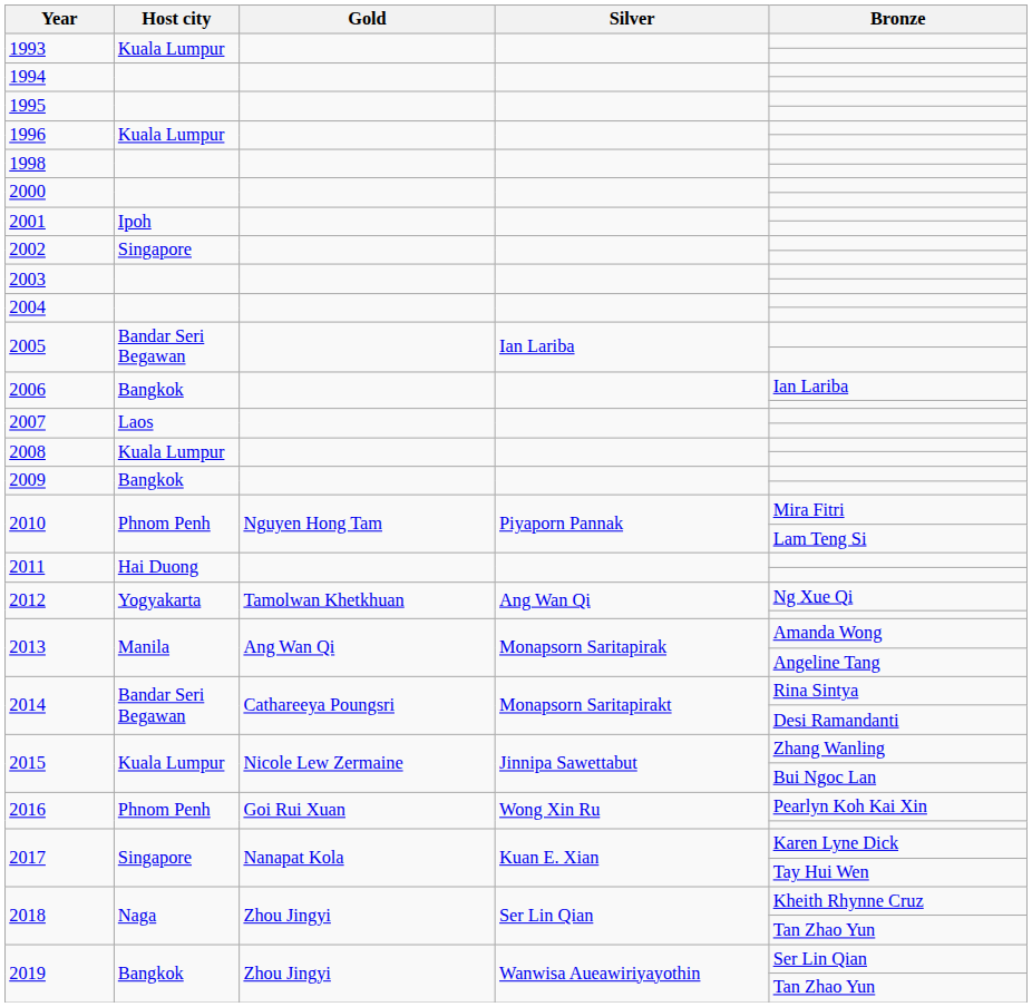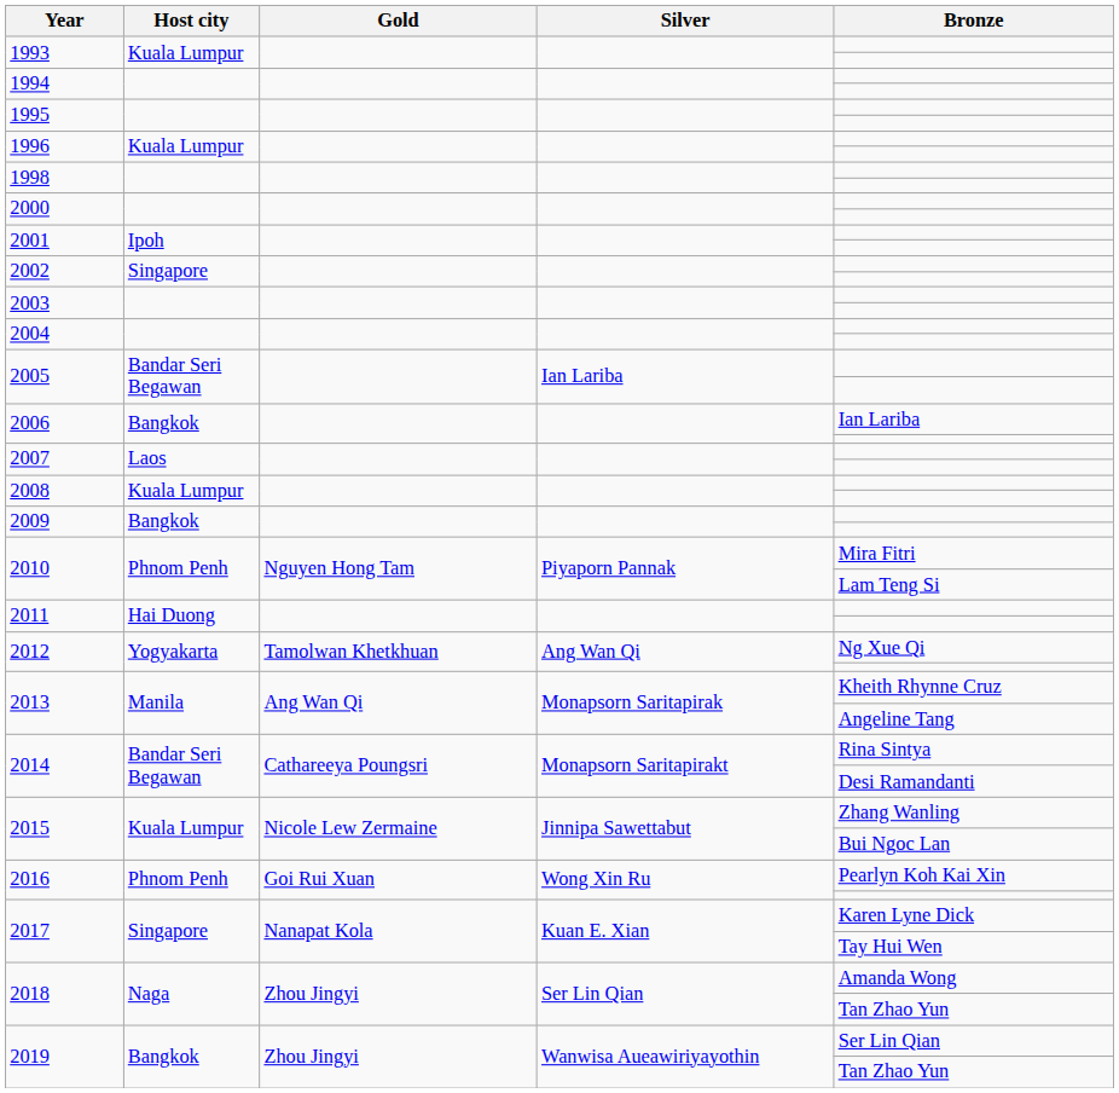 <table class="wikitable sortable" style="width:900px;">
 <tr>
 <th width="120">Year</th>
 <th width="120">Host city</th>
 <th width="300">Gold</th>
 <th width="300">Silver</th>
 <th width="300">Bronze</th>
 </tr>
 <tr>
 <td rowspan=2><a href='#'>1993</a></td>
 <td rowspan=2><a href='#'>Kuala Lumpur</a></td>
 <td rowspan=2></td>
 <td rowspan=2></td>
 <td></td>
 </tr>
 <tr>
 <td></td>
 </tr>
 <tr>
 <td rowspan=2><a href='#'>1994</a></td>
 <td rowspan=2></td>
 <td rowspan=2></td>
 <td rowspan=2></td>
 <td></td>
 </tr>
 <tr>
 <td></td>
 </tr>
 <tr>
 <td rowspan=2><a href='#'>1995</a></td>
 <td rowspan=2></td>
 <td rowspan=2></td>
 <td rowspan=2></td>
 <td></td>
 </tr>
 <tr>
 <td></td>
 </tr>
 <tr>
 <td rowspan=2><a href='#'>1996</a></td>
 <td rowspan=2><a href='#'>Kuala Lumpur</a></td>
 <td rowspan=2></td>
 <td rowspan=2></td>
 <td></td>
 </tr>
 <tr>
 <td></td>
 </tr>
 <tr>
 <td rowspan=2><a href='#'>1998</a></td>
 <td rowspan=2></td>
 <td rowspan=2></td>
 <td rowspan=2></td>
 <td></td>
 </tr>
 <tr>
 <td></td>
 </tr>
 <tr>
 <td rowspan=2><a href='#'>2000</a></td>
 <td rowspan=2></td>
 <td rowspan=2></td>
 <td rowspan=2></td>
 <td></td>
 </tr>
 <tr>
 <td></td>
 </tr>
 <tr>
 <td rowspan=2><a href='#'>2001</a></td>
 <td rowspan=2><a href='#'>Ipoh</a></td>
 <td rowspan=2></td>
 <td rowspan=2></td>
 <td></td>
 </tr>
 <tr>
 <td></td>
 </tr>
 <tr>
 <td rowspan=2><a href='#'>2002</a></td>
 <td rowspan=2><a href='#'>Singapore</a></td>
 <td rowspan=2></td>
 <td rowspan=2></td>
 <td></td>
 </tr>
 <tr>
 <td></td>
 </tr>
 <tr>
 <td rowspan=2><a href='#'>2003</a></td>
 <td rowspan=2></td>
 <td rowspan=2></td>
 <td rowspan=2></td>
 <td></td>
 </tr>
 <tr>
 <td></td>
 </tr>
 <tr>
 <td rowspan=2><a href='#'>2004</a></td>
 <td rowspan=2></td>
 <td rowspan=2></td>
 <td rowspan=2></td>
 <td></td>
 </tr>
 <tr>
 <td></td>
 </tr>
 <tr>
 <td rowspan=2><a href='#'>2005</a></td>
 <td rowspan=2><a href='#'>Bandar Seri Begawan</a></td>
 <td rowspan=2></td>
 <td rowspan=2> <a href='#'>Ian Lariba</a></td>
 <td></td>
 </tr>
 <tr>
 <td></td>
 </tr>
 <tr>
 <td rowspan=2><a href='#'>2006</a></td>
 <td rowspan=2><a href='#'>Bangkok</a></td>
 <td rowspan=2></td>
 <td rowspan=2></td>
 <td> <a href='#'>Ian Lariba</a></td>
 </tr>
 <tr>
 <td></td>
 </tr>
 <tr>
 <td rowspan=2><a href='#'>2007</a></td>
 <td rowspan=2><a href='#'>Laos</a></td>
 <td rowspan=2></td>
 <td rowspan=2></td>
 <td></td>
 </tr>
 <tr>
 <td></td>
 </tr>
 <tr>
 <td rowspan=2><a href='#'>2008</a></td>
 <td rowspan=2><a href='#'>Kuala Lumpur</a></td>
 <td rowspan=2></td>
 <td rowspan=2></td>
 <td></td>
 </tr>
 <tr>
 <td></td>
 </tr>
 <tr>
 <td rowspan=2><a href='#'>2009</a></td>
 <td rowspan=2><a href='#'>Bangkok</a></td>
 <td rowspan=2></td>
 <td rowspan=2></td>
 <td></td>
 </tr>
 <tr>
 <td></td>
 </tr>
 <tr>
 <td rowspan=2><a href='#'>2010</a></td>
 <td rowspan=2><a href='#'>Phnom Penh</a></td>
 <td rowspan=2> <a href='#'>Nguyen Hong Tam</a></td>
 <td rowspan=2> <a href='#'>Piyaporn Pannak</a></td>
 <td> <a href='#'>Mira Fitri</a></td>
 </tr>
 <tr>
 <td> <a href='#'>Lam Teng Si</a></td>
 </tr>
 <tr>
 <td rowspan=2><a href='#'>2011</a></td>
 <td rowspan=2><a href='#'>Hai Duong</a></td>
 <td rowspan=2></td>
 <td rowspan=2></td>
 <td></td>
 </tr>
 <tr>
 <td></td>
 </tr>
 <tr>
 <td rowspan=2><a href='#'>2012</a></td>
 <td rowspan=2><a href='#'>Yogyakarta</a></td>
 <td rowspan=2> <a href='#'>Tamolwan Khetkhuan</a></td>
 <td rowspan=2> <a href='#'>Ang Wan Qi</a></td>
 <td> <a href='#'>Ng Xue Qi</a></td>
 </tr>
 <tr>
 <td></td>
 </tr>
 <tr>
 <td rowspan=2><a href='#'>2013</a></td>
 <td rowspan=2><a href='#'>Manila</a></td>
 <td rowspan=2> <a href='#'>Ang Wan Qi</a></td>
 <td rowspan=2> <a href='#'>Monapsorn Saritapirak</a></td>
-<td> <a href='#'>Amanda Wong</a></td>
+<td> <a href='#'>Kheith Rhynne Cruz</a></td>
 </tr>
 <tr>
 <td> <a href='#'>Angeline Tang</a></td>
 </tr>
 <tr>
 <td rowspan=2><a href='#'>2014</a></td>
 <td rowspan=2><a href='#'>Bandar Seri Begawan</a></td>
 <td rowspan=2> <a href='#'>Cathareeya Poungsri</a></td>
 <td rowspan=2> <a href='#'>Monapsorn Saritapirakt</a></td>
 <td> <a href='#'>Rina Sintya</a></td>
 </tr>
 <tr>
 <td> <a href='#'>Desi Ramandanti</a></td>
 </tr>
 <tr>
 <td rowspan=2><a href='#'>2015</a></td>
 <td rowspan=2><a href='#'>Kuala Lumpur</a></td>
 <td rowspan=2> <a href='#'>Nicole Lew Zermaine</a></td>
 <td rowspan=2> <a href='#'>Jinnipa Sawettabut</a></td>
 <td> <a href='#'>Zhang Wanling</a></td>
 </tr>
 <tr>
 <td> <a href='#'>Bui Ngoc Lan</a></td>
 </tr>
 <tr>
 <td rowspan=2><a href='#'>2016</a></td>
 <td rowspan=2><a href='#'>Phnom Penh</a></td>
 <td rowspan=2> <a href='#'>Goi Rui Xuan</a></td>
 <td rowspan=2> <a href='#'>Wong Xin Ru</a></td>
 <td> <a href='#'>Pearlyn Koh Kai Xin</a></td>
 </tr>
 <tr>
 <td></td>
 </tr>
 <tr>
 <td rowspan=2><a href='#'>2017</a></td>
 <td rowspan=2><a href='#'>Singapore</a></td>
 <td rowspan=2> <a href='#'>Nanapat Kola</a></td>
 <td rowspan=2> <a href='#'>Kuan E. Xian</a></td>
 <td> <a href='#'>Karen Lyne Dick</a></td>
 </tr>
 <tr>
 <td> <a href='#'>Tay Hui Wen</a></td>
 </tr>
 <tr>
 <td rowspan=2><a href='#'>2018</a></td>
 <td rowspan=2><a href='#'>Naga</a></td>
 <td rowspan=2> <a href='#'>Zhou Jingyi</a></td>
 <td rowspan=2> <a href='#'>Ser Lin Qian</a></td>
-<td> <a href='#'>Kheith Rhynne Cruz</a></td>
+<td> <a href='#'>Amanda Wong</a></td>
 </tr>
 <tr>
 <td> <a href='#'>Tan Zhao Yun</a></td>
 </tr>
 <tr>
 <td rowspan=2><a href='#'>2019</a></td>
 <td rowspan=2><a href='#'>Bangkok</a></td>
 <td rowspan=2> <a href='#'>Zhou Jingyi</a></td>
 <td rowspan=2> <a href='#'>Wanwisa Aueawiriyayothin</a></td>
 <td> <a href='#'>Ser Lin Qian</a></td>
 </tr>
 <tr>
 <td> <a href='#'>Tan Zhao Yun</a></td>
 </tr>
 </table>
